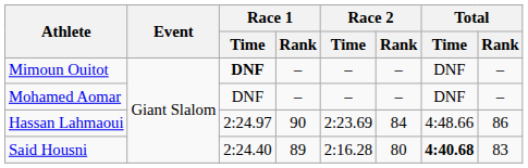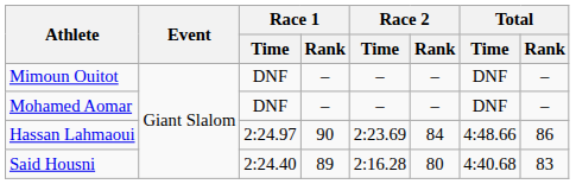 <table class="wikitable" style="font-size:90%">
 <tr>
 <th rowspan="2">Athlete</th>
 <th rowspan="2">Event</th>
 <th colspan="2">Race 1</th>
 <th colspan="2">Race 2</th>
 <th colspan="2">Total</th>
 </tr>
 <tr>
 <th>Time</th>
 <th>Rank</th>
 <th>Time</th>
 <th>Rank</th>
 <th>Time</th>
 <th>Rank</th>
 </tr>
 <tr>
 <td><a href='#'>Mimoun Ouitot</a></td>
 <td rowspan="4">Giant Slalom</td>
-<td align="center"><strong>DNF</strong></td>
+<td align="center">DNF</td>
 <td align="center">–</td>
 <td align="center">–</td>
 <td align="center">–</td>
 <td align="center">DNF</td>
 <td align="center">–</td>
 </tr>
 <tr>
 <td><a href='#'>Mohamed Aomar</a></td>
 <td align="center">DNF</td>
 <td align="center">–</td>
 <td align="center">–</td>
 <td align="center">–</td>
 <td align="center">DNF</td>
 <td align="center">–</td>
 </tr>
 <tr>
 <td><a href='#'>Hassan Lahmaoui</a></td>
 <td align="center">2:24.97</td>
 <td align="center">90</td>
 <td align="center">2:23.69</td>
 <td align="center">84</td>
 <td align="center">4:48.66</td>
 <td align="center">86</td>
 </tr>
 <tr>
 <td><a href='#'>Said Housni</a></td>
 <td align="center">2:24.40</td>
 <td align="center">89</td>
 <td align="center">2:16.28</td>
 <td align="center">80</td>
-<td align="center"><strong>4:40.68</strong></td>
+<td align="center">4:40.68</td>
 <td align="center">83</td>
 </tr>
 </table>
